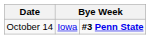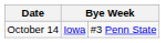 <table class="wikitable" style="font-size:95%;">
 <tr>
 <th>Date</th>
 <th colspan="2">Bye Week</th>
 </tr>
 <tr>
 <td>October 14</td>
 <td><a href='#'>Iowa</a></td>
-<td><strong>#3 <a href='#'>Penn State</a></strong></td>
+<td>#3 <a href='#'>Penn State</a></td>
 </tr>
 </table>
